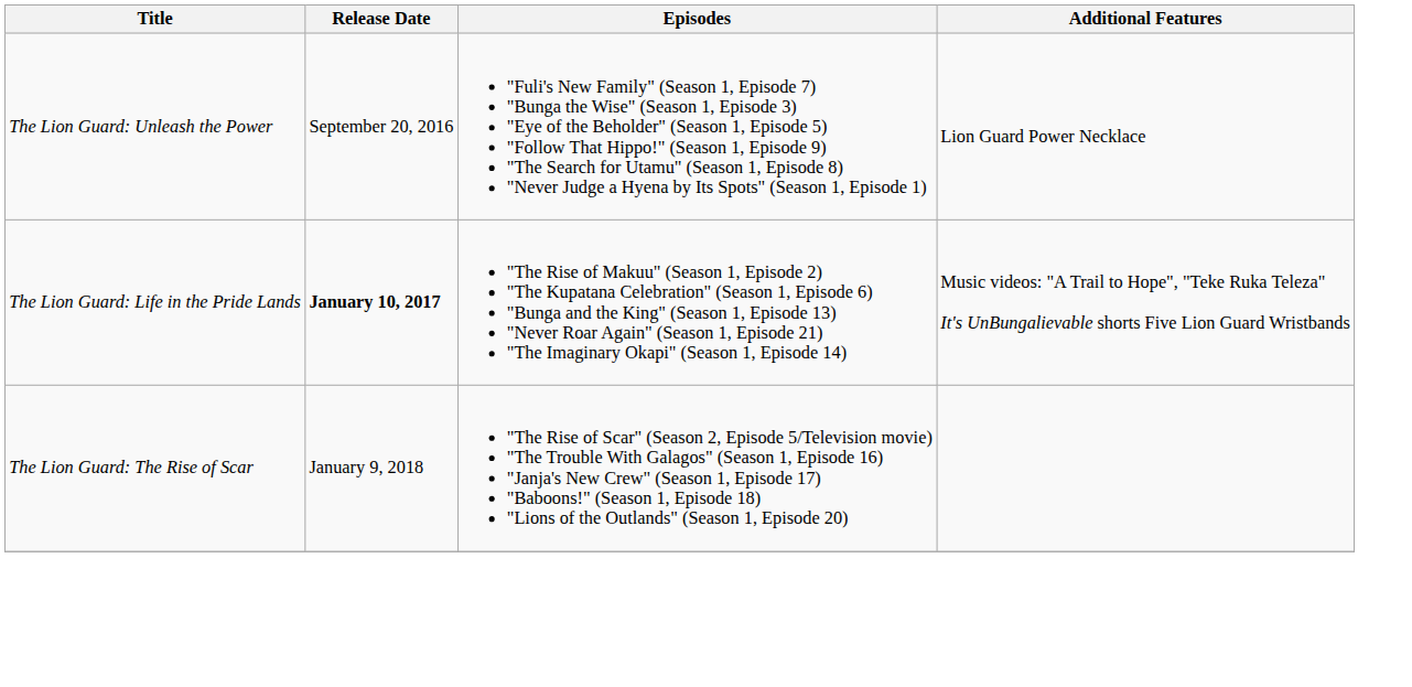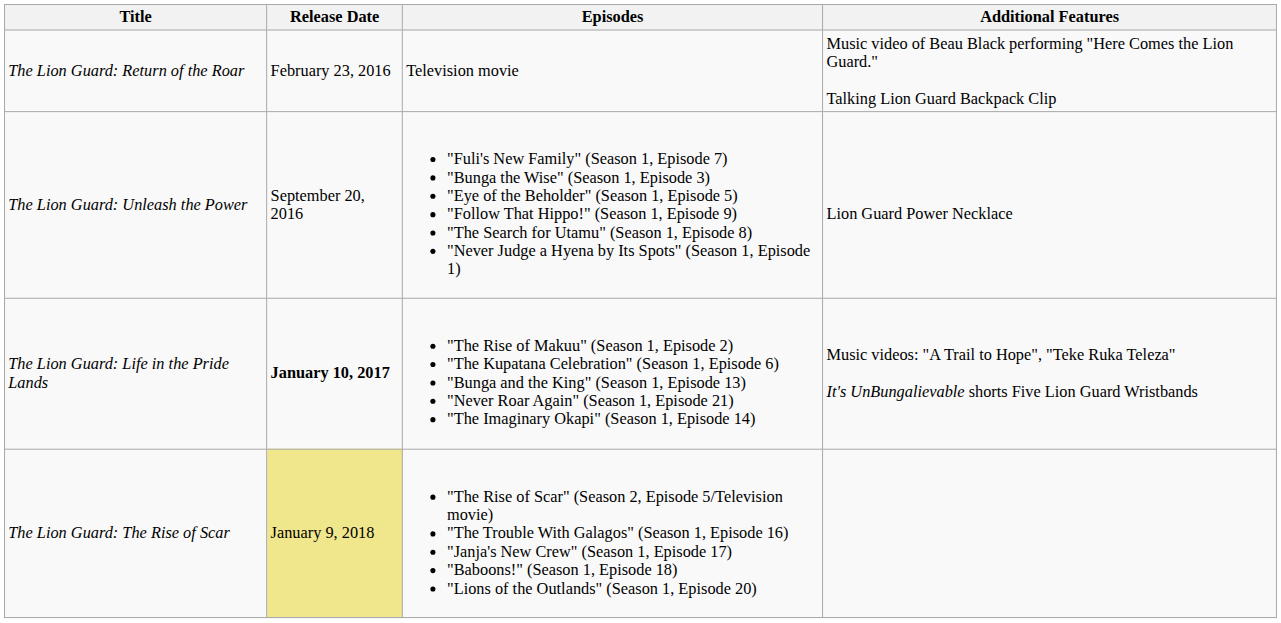 <table class="wikitable">
 <tr>
 <th>Title</th>
 <th>Release Date</th>
 <th>Episodes</th>
 <th>Additional Features</th>
+</tr>
+<tr>
+<td><em> The Lion Guard: Return of the Roar</em></td>
+<td>February 23, 2016</td>
+<td>Television movie</td>
+<td>Music video of Beau Black performing "Here Comes the Lion Guard."<br><br>Talking Lion Guard Backpack Clip</td>
 </tr>
 <tr>
 <td><em>The Lion Guard: Unleash the Power</em></td>
 <td>September 20, 2016</td>
 <td><br><ul><li>"Fuli's New Family" (Season 1, Episode 7)</li><li>"Bunga the Wise" (Season 1, Episode 3)</li><li>"Eye of the Beholder" (Season 1, Episode 5)</li><li>"Follow That Hippo!" (Season 1, Episode 9)</li><li>"The Search for Utamu" (Season 1, Episode 8)</li><li>"Never Judge a Hyena by Its Spots" (Season 1, Episode 1)</li></ul></td>
 <td><br>Lion Guard Power Necklace</td>
 </tr>
 <tr>
 <td><em>The Lion Guard: Life in the Pride Lands</em></td>
 <td><strong>January 10, 2017</strong></td>
 <td><br><ul><li>"The Rise of Makuu" (Season 1, Episode 2)</li><li>"The Kupatana Celebration" (Season 1, Episode 6)</li><li>"Bunga and the King" (Season 1, Episode 13)</li><li>"Never Roar Again" (Season 1, Episode 21)</li><li>"The Imaginary Okapi" (Season 1, Episode 14)</li></ul></td>
 <td>Music videos: "A Trail to Hope", "Teke Ruka Teleza"<br><br><em>It's UnBungalievable</em> shorts Five Lion Guard Wristbands</td>
 </tr>
 <tr>
 <td><em>The Lion Guard: The Rise of Scar</em></td>
-<td>January 9, 2018</td>
+<td style="background: khaki;">January 9, 2018</td>
 <td><br><ul><li>"The Rise of Scar" (Season 2, Episode 5/Television movie)</li><li>"The Trouble With Galagos" (Season 1, Episode 16)</li><li>"Janja's New Crew" (Season 1, Episode 17)</li><li>"Baboons!" (Season 1, Episode 18)</li><li>"Lions of the Outlands" (Season 1, Episode 20)</li></ul></td>
 <td></td>
 </tr>
 <tr>
 </tr>
 </table>
